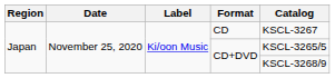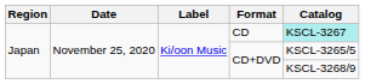 <table class="wikitable">
 <tr>
 <th>Region</th>
 <th>Date</th>
 <th>Label</th>
 <th>Format</th>
 <th>Catalog</th>
 </tr>
 <tr>
 <td rowspan="3">Japan</td>
 <td rowspan="3">November 25, 2020</td>
 <td rowspan="3"><a href='#'>Ki/oon Music</a></td>
 <td>CD</td>
-<td>KSCL-3267</td>
+<td style="background: paleturquoise;">KSCL-3267</td>
 </tr>
 <tr>
 <td rowspan="2">CD+DVD</td>
 <td>KSCL-3265/5</td>
 </tr>
 <tr>
 <td>KSCL-3268/9</td>
 </tr>
 </table>
